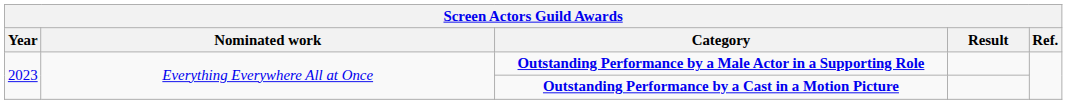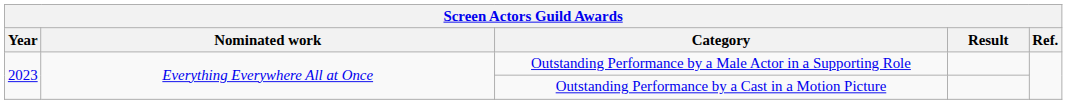 <table class="wikitable">
 <tr>
 <th colspan="5" align="center"><a href='#'>Screen Actors Guild Awards</a></th>
 </tr>
 <tr>
 <th scope="col" style="width:1em;">Year</th>
 <th scope="col" style="width:30em;">Nominated work</th>
 <th scope="col" style="width:30em;">Category</th>
 <th scope="col" style="width:5em;">Result</th>
 <th scope="col" style="width:1em;">Ref.</th>
 </tr>
 <tr>
 <td rowspan="2" align="center"><a href='#'>2023</a></td>
 <td rowspan="2" align="center"><em><a href='#'>Everything Everywhere All at Once</a></em></td>
-<td align="center"><strong><a href='#'>Outstanding Performance by a Male Actor in a Supporting Role</a></strong></td>
+<td align="center"><a href='#'>Outstanding Performance by a Male Actor in a Supporting Role</a></td>
 <td></td>
 <td rowspan="2" align="center"></td>
 </tr>
 <tr>
-<td align="center"><strong><a href='#'>Outstanding Performance by a Cast in a Motion Picture</a></strong></td>
+<td align="center"><a href='#'>Outstanding Performance by a Cast in a Motion Picture</a></td>
 <td></td>
 </tr>
 </table>
